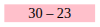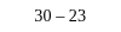 <table style="text-align:center">
 <tr>
 <th width=200></th>
 <th width=100></th>
 <th width=200></th>
 </tr>
 <tr>
 <td align=right><strong></strong></td>
-<td style="background: pink;">30 – 23</td>
+<td>30 – 23</td>
 <td align=left></td>
 </tr>
 </table>
